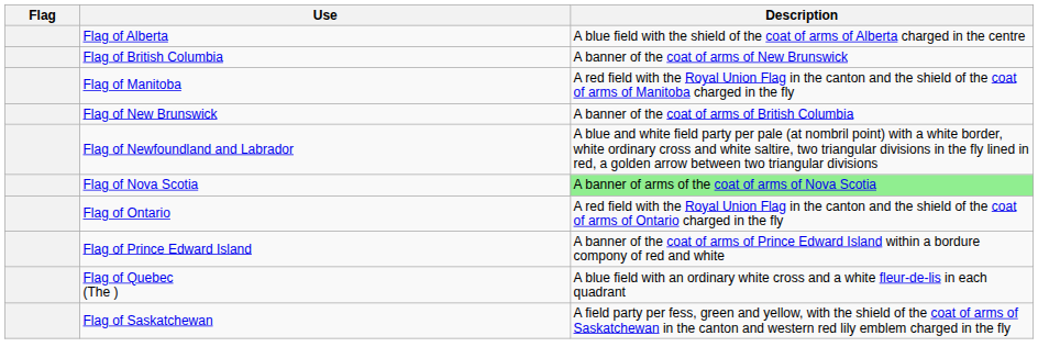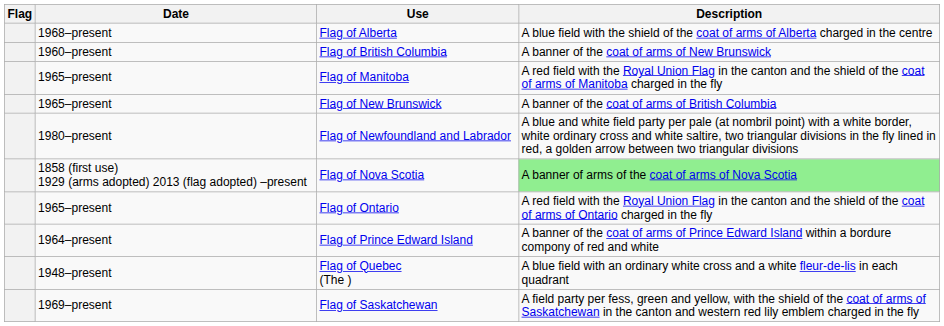 <table class="wikitable">
 <tr>
 <th scope="col">Flag</th>
+<th scope="col">Date</th>
 <th scope="col">Use</th>
 <th scope="col" style="width: 45%;">Description</th>
 </tr>
 <tr>
 <th scope="row"></th>
+<td>1968–present</td>
 <td><a href='#'>Flag of Alberta</a></td>
 <td>A blue field with the shield of the <a href='#'>coat of arms of Alberta</a> charged in the centre</td>
 </tr>
 <tr>
 <th scope="row"></th>
+<td>1960–present</td>
 <td><a href='#'>Flag of British Columbia</a></td>
 <td>A banner of the <a href='#'>coat of arms of New Brunswick</a></td>
 </tr>
 <tr>
 <th scope="row"></th>
+<td>1965–present</td>
 <td><a href='#'>Flag of Manitoba</a></td>
 <td>A red field with the <a href='#'>Royal Union Flag</a> in the canton and the shield of the <a href='#'>coat of arms of Manitoba</a> charged in the fly</td>
 </tr>
 <tr>
 <th scope="row"></th>
+<td>1965–present</td>
 <td><a href='#'>Flag of New Brunswick</a></td>
 <td>A banner of the <a href='#'>coat of arms of British Columbia</a></td>
 </tr>
 <tr>
 <th scope="row"></th>
+<td>1980–present</td>
 <td><a href='#'>Flag of Newfoundland and Labrador</a></td>
 <td>A blue and white field party per pale (at nombril point) with a white border, white ordinary cross and white saltire, two triangular divisions in the fly lined in red, a golden arrow between two triangular divisions</td>
 </tr>
 <tr>
 <th scope="row"></th>
+<td>1858 (first use)<br>1929 (arms adopted) 2013 (flag adopted) –present</td>
 <td><a href='#'>Flag of Nova Scotia</a></td>
 <td style="background: lightgreen;">A banner of arms of the <a href='#'>coat of arms of Nova Scotia</a></td>
 </tr>
 <tr>
 <th scope="row"></th>
+<td>1965–present</td>
 <td><a href='#'>Flag of Ontario</a></td>
 <td>A red field with the <a href='#'>Royal Union Flag</a> in the canton and the shield of the <a href='#'>coat of arms of Ontario</a> charged in the fly</td>
 </tr>
 <tr>
 <th scope="row"></th>
+<td>1964–present</td>
 <td><a href='#'>Flag of Prince Edward Island</a></td>
 <td>A banner of the <a href='#'>coat of arms of Prince Edward Island</a> within a bordure compony of red and white</td>
 </tr>
 <tr>
 <th scope="row"></th>
+<td>1948–present</td>
 <td><a href='#'>Flag of Quebec</a><br>(The <em></em>)</td>
 <td>A blue field with an ordinary white cross and a white <a href='#'>fleur-de-lis</a> in each quadrant</td>
 </tr>
 <tr>
 <th scope="row"></th>
+<td>1969–present</td>
 <td><a href='#'>Flag of Saskatchewan</a></td>
 <td>A field party per fess, green and yellow, with the shield of the <a href='#'>coat of arms of Saskatchewan</a> in the canton and western red lily emblem charged in the fly</td>
 </tr>
 </table>
